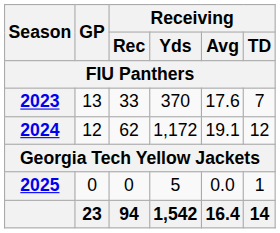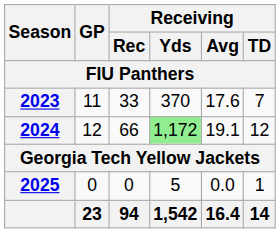 <table class="wikitable" style="text-align:center;">
 <tr>
 <th rowspan="2">Season</th>
 <th rowspan="2">GP</th>
 <th colspan="4">Receiving</th>
 </tr>
 <tr>
 <th>Rec</th>
 <th>Yds</th>
 <th>Avg</th>
 <th>TD</th>
 </tr>
 <tr>
 <th colspan="11">FIU Panthers</th>
 </tr>
 <tr>
 <th><a href='#'>2023</a></th>
-<td>13</td>
+<td>11</td>
 <td>33</td>
 <td>370</td>
 <td>17.6</td>
 <td>7</td>
 </tr>
 <tr>
 <th><a href='#'>2024</a></th>
 <td>12</td>
-<td>62</td>
-<td>1,172</td>
+<td>66</td>
+<td style="background: lightgreen;">1,172</td>
 <td>19.1</td>
 <td>12</td>
 </tr>
 <tr>
 <th colspan="11">Georgia Tech Yellow Jackets</th>
 </tr>
 <tr>
 <th><a href='#'>2025</a></th>
 <td>0</td>
 <td>0</td>
 <td>5</td>
 <td>0.0</td>
 <td>1</td>
 </tr>
 <tr>
 <th></th>
 <th>23</th>
 <th>94</th>
 <th>1,542</th>
 <th>16.4</th>
 <th>14</th>
 </tr>
 </table>
